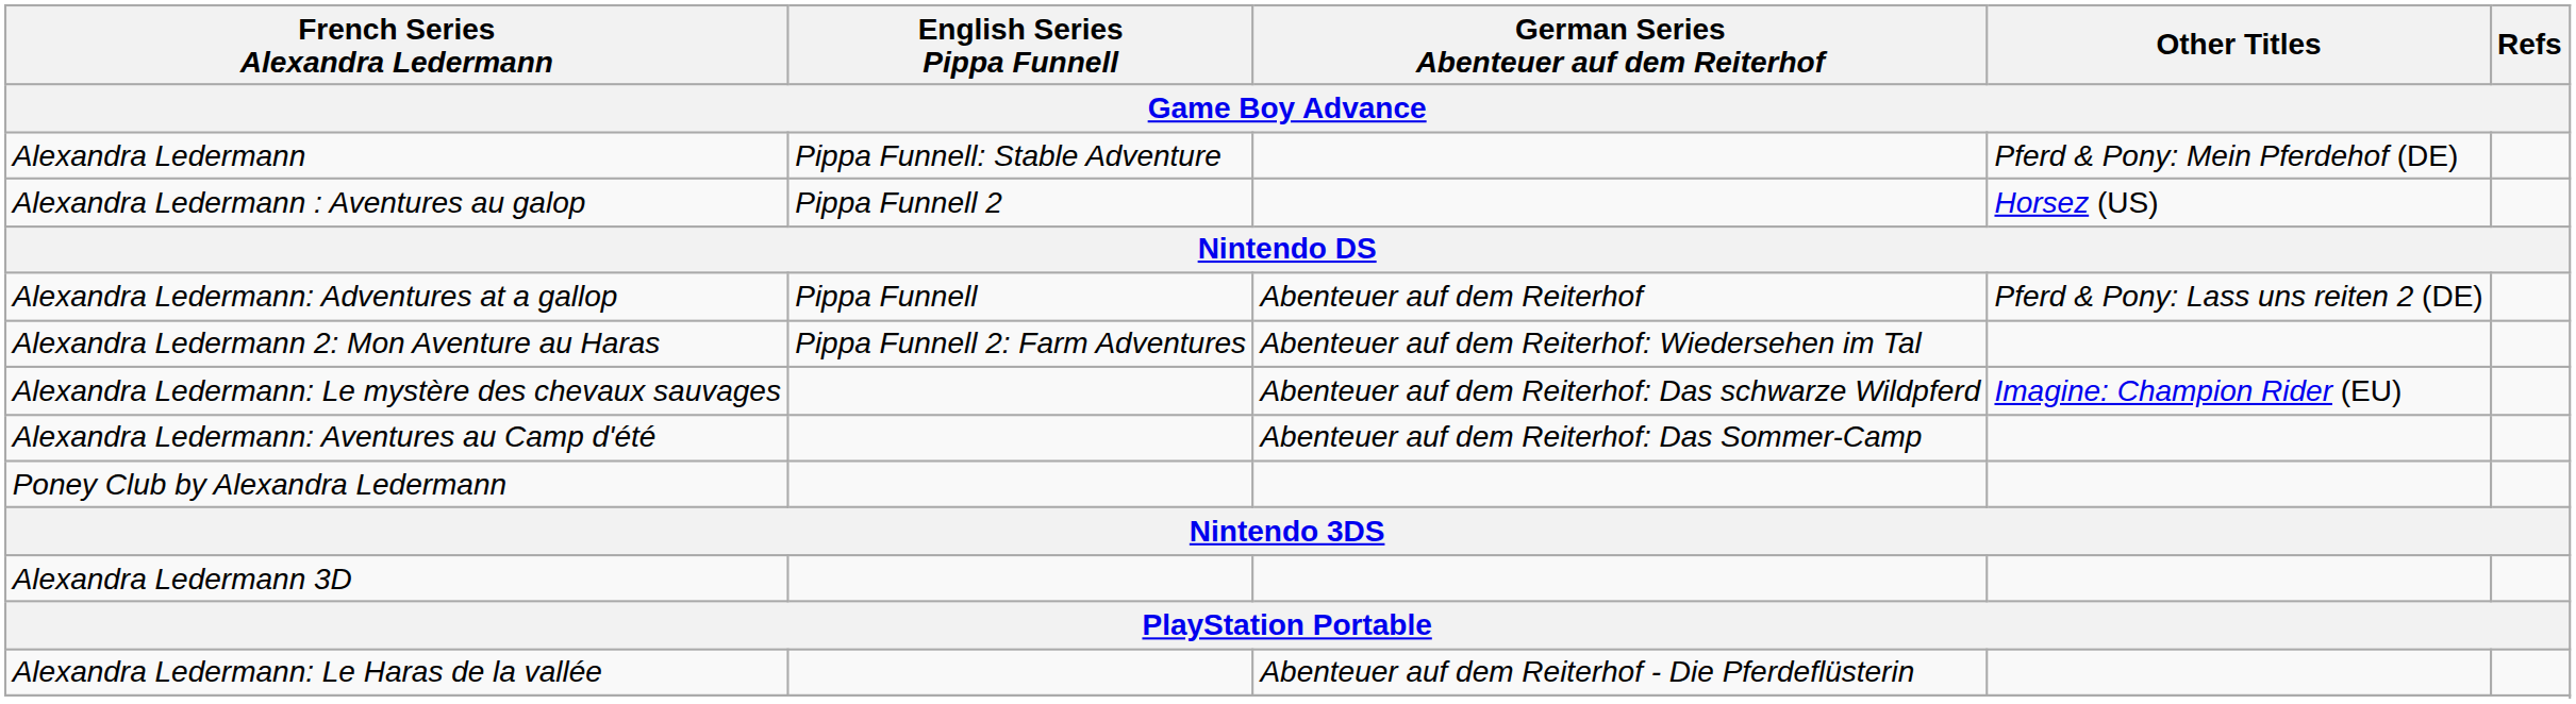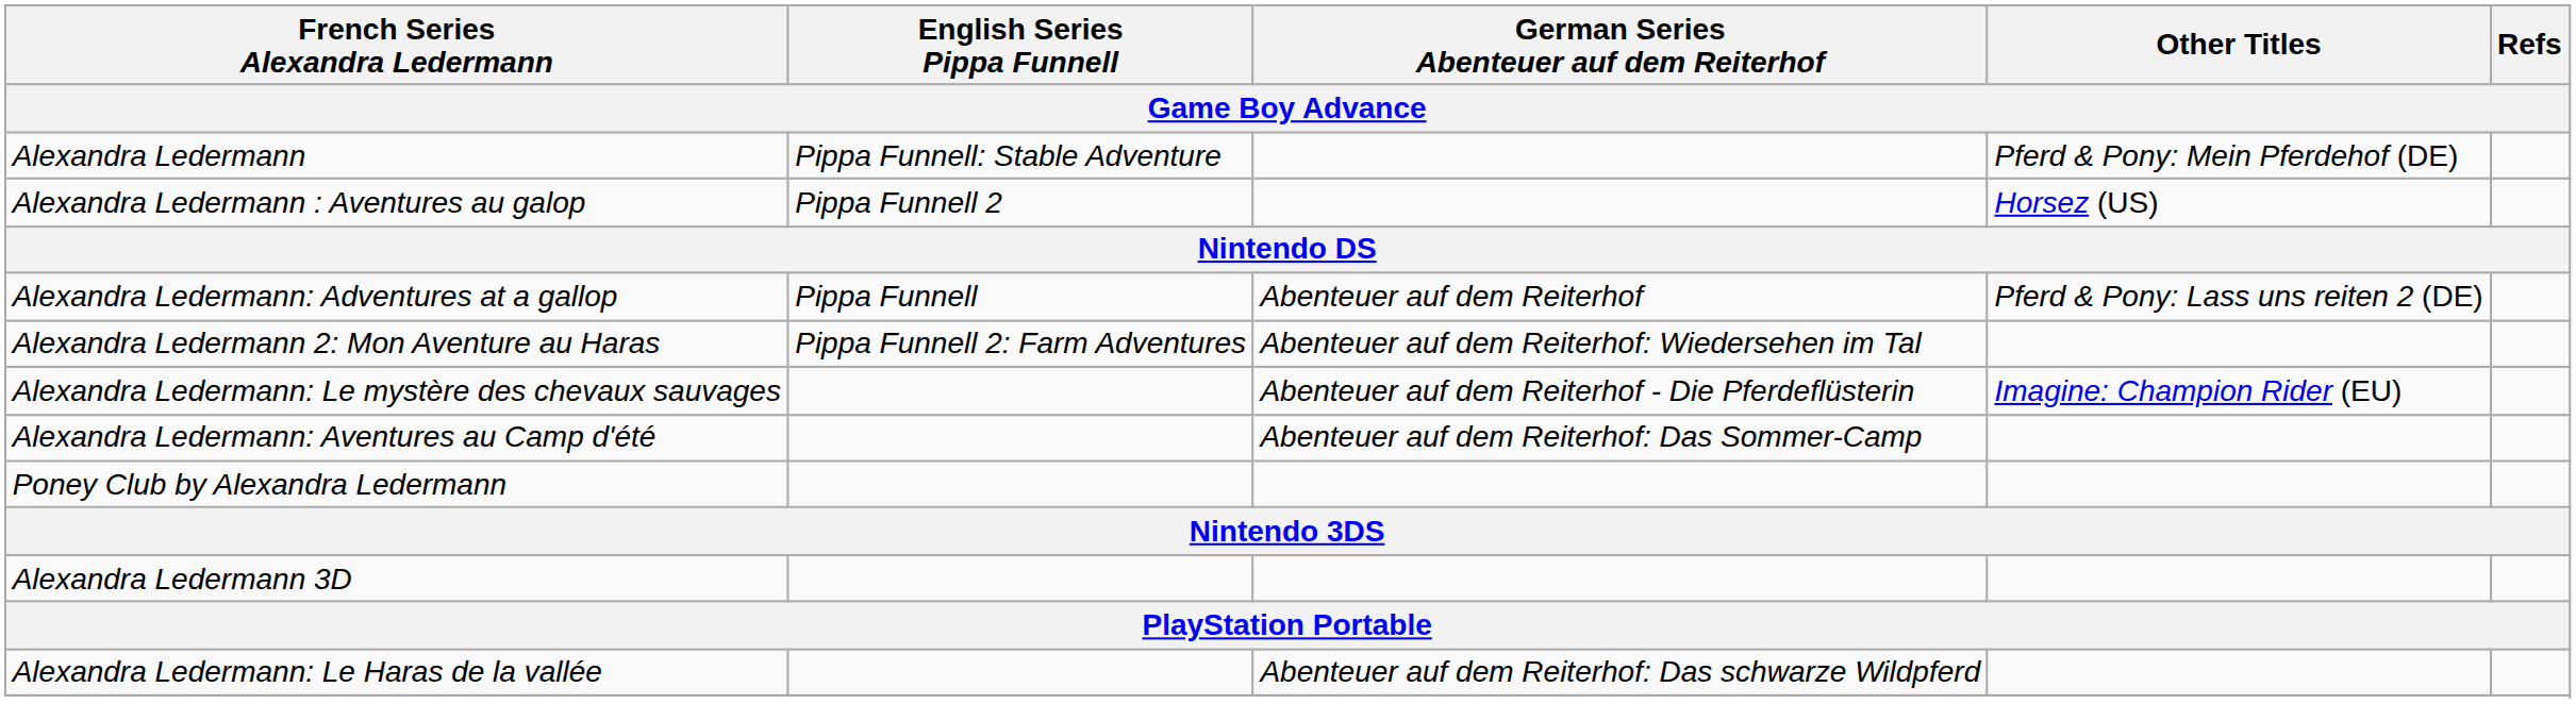 <table class="wikitable"  style="min-width: 80%; font-size: 85%;">
 <tr>
 <th>French Series<br><em>Alexandra Ledermann</em></th>
 <th>English Series<br><em>Pippa Funnell</em></th>
 <th>German Series<br><em>Abenteuer auf dem Reiterhof</em></th>
 <th>Other Titles</th>
 <th>Refs</th>
 </tr>
 <tr>
 <th scope="row" colspan="6"><a href='#'>Game Boy Advance</a></th>
 </tr>
 <tr>
 <td><em>Alexandra Ledermann</em></td>
 <td><em>Pippa Funnell: Stable Adventure</em></td>
 <td></td>
 <td><em>Pferd & Pony: Mein Pferdehof</em> (DE)</td>
 <td></td>
 </tr>
 <tr>
 <td><em>Alexandra Ledermann : Aventures au galop</em></td>
 <td><em>Pippa Funnell 2</em></td>
 <td></td>
 <td><em><a href='#'>Horsez</a></em> (US)</td>
 <td></td>
 </tr>
 <tr>
 <th scope="row" colspan="6"><a href='#'>Nintendo DS</a></th>
 </tr>
 <tr>
 <td><em>Alexandra Ledermann: Adventures at a gallop</em></td>
 <td><em>Pippa Funnell</em></td>
 <td><em>Abenteuer auf dem Reiterhof</em></td>
 <td><em>Pferd & Pony: Lass uns reiten 2</em> (DE)</td>
 <td></td>
 </tr>
 <tr>
 <td><em>Alexandra Ledermann 2: Mon Aventure au Haras</em></td>
 <td><em>Pippa Funnell 2: Farm Adventures</em></td>
 <td><em>Abenteuer auf dem Reiterhof: Wiedersehen im Tal</em></td>
 <td></td>
 <td></td>
 </tr>
 <tr>
 <td><em>Alexandra Ledermann: Le mystère des chevaux sauvages</em></td>
 <td></td>
-<td><em>Abenteuer auf dem Reiterhof: Das schwarze Wildpferd</em></td>
+<td><em>Abenteuer auf dem Reiterhof - Die Pferdeflüsterin</em></td>
 <td><em><a href='#'>Imagine: Champion Rider</a></em> (EU)</td>
 <td></td>
 </tr>
 <tr>
 <td><em>Alexandra Ledermann: Aventures au Camp d'été</em></td>
 <td></td>
 <td><em>Abenteuer auf dem Reiterhof: Das Sommer-Camp</em></td>
 <td></td>
 <td></td>
 </tr>
 <tr>
 <td><em>Poney Club by Alexandra Ledermann</em></td>
 <td></td>
 <td></td>
 <td></td>
 <td></td>
 </tr>
 <tr>
 <th scope="row" colspan="6"><a href='#'>Nintendo 3DS</a></th>
 </tr>
 <tr>
 <td><em>Alexandra Ledermann 3D</em></td>
 <td></td>
 <td></td>
 <td></td>
 </tr>
 <tr>
 <th scope="row" colspan="6"><a href='#'>PlayStation Portable</a></th>
 </tr>
 <tr>
 <td><em>Alexandra Ledermann: Le Haras de la vallée</em></td>
 <td></td>
-<td><em>Abenteuer auf dem Reiterhof - Die Pferdeflüsterin</em></td>
+<td><em>Abenteuer auf dem Reiterhof: Das schwarze Wildpferd</em></td>
 <td></td>
 </tr>
 <tr>
 </tr>
 </table>
